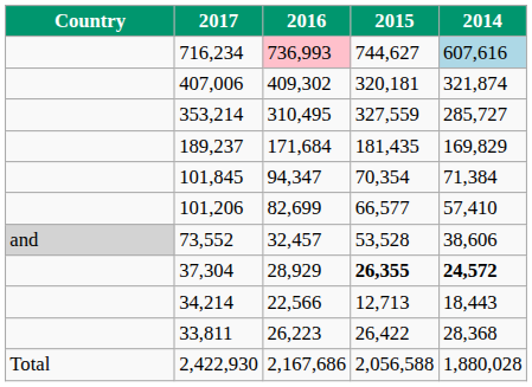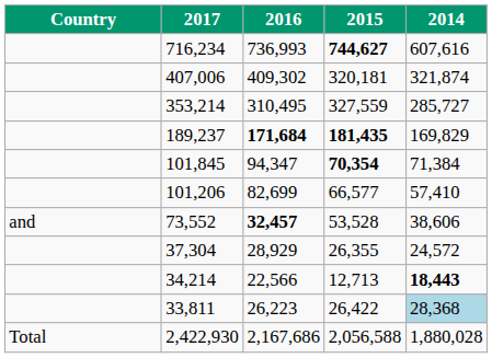 <table class="wikitable">
 <tr>
 </tr>
 <tr style="color:white;">
 <th style="width:130px; background:#00966E;">Country</th>
 <th style="width:50px; background:#00966E;">2017</th>
 <th style="width:50px; background:#00966E;">2016</th>
 <th style="width:50px; background:#00966E;">2015</th>
 <th style="width:50px; background:#00966E;">2014</th>
 </tr>
 <tr>
 <td></td>
 <td>716,234</td>
-<td style="background: pink;">736,993</td>
-<td>744,627</td>
-<td style="background: lightblue;">607,616</td>
+<td>736,993</td>
+<td><strong>744,627</strong></td>
+<td>607,616</td>
 </tr>
 <tr>
 <td></td>
 <td>407,006</td>
 <td>409,302</td>
 <td>320,181</td>
 <td>321,874</td>
 </tr>
 <tr>
 <td></td>
 <td>353,214</td>
 <td>310,495</td>
 <td>327,559</td>
 <td>285,727</td>
 </tr>
 <tr>
 <td></td>
 <td>189,237</td>
-<td>171,684</td>
-<td>181,435</td>
+<td><strong>171,684</strong></td>
+<td><strong>181,435</strong></td>
 <td>169,829</td>
 </tr>
 <tr>
 <td></td>
 <td>101,845</td>
 <td>94,347</td>
-<td>70,354</td>
+<td><strong>70,354</strong></td>
 <td>71,384</td>
 </tr>
 <tr>
 <td></td>
 <td>101,206</td>
 <td>82,699</td>
 <td>66,577</td>
 <td>57,410</td>
 </tr>
 <tr>
-<td style="background: lightgrey;"> and </td>
+<td> and </td>
 <td>73,552</td>
-<td>32,457</td>
+<td><strong>32,457</strong></td>
 <td>53,528</td>
 <td>38,606</td>
 </tr>
 <tr>
 <td></td>
 <td>37,304</td>
 <td>28,929</td>
-<td><strong>26,355</strong></td>
-<td><strong>24,572</strong></td>
+<td>26,355</td>
+<td>24,572</td>
 </tr>
 <tr>
 <td></td>
 <td>34,214</td>
 <td>22,566</td>
 <td>12,713</td>
-<td>18,443</td>
+<td><strong>18,443</strong></td>
 </tr>
 <tr>
 <td></td>
 <td>33,811</td>
 <td>26,223</td>
 <td>26,422</td>
-<td>28,368</td>
+<td style="background: lightblue;">28,368</td>
 </tr>
 <tr>
 <td>Total</td>
 <td>2,422,930</td>
 <td>2,167,686</td>
 <td>2,056,588</td>
 <td>1,880,028</td>
 </tr>
 </table>
